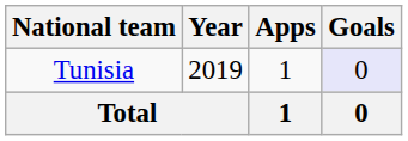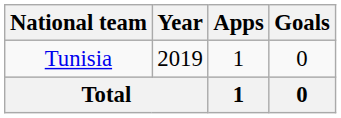 <table class="wikitable" style="text-align:center">
 <tr>
 <th>National team</th>
 <th>Year</th>
 <th>Apps</th>
 <th>Goals</th>
 </tr>
 <tr>
 <td><a href='#'>Tunisia</a></td>
 <td>2019</td>
 <td>1</td>
-<td style="background: lavender;">0</td>
+<td>0</td>
 </tr>
 <tr>
 <th colspan=2>Total</th>
 <th>1</th>
 <th>0</th>
 </tr>
 </table>
